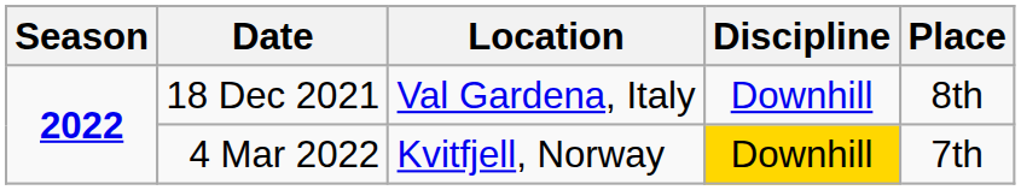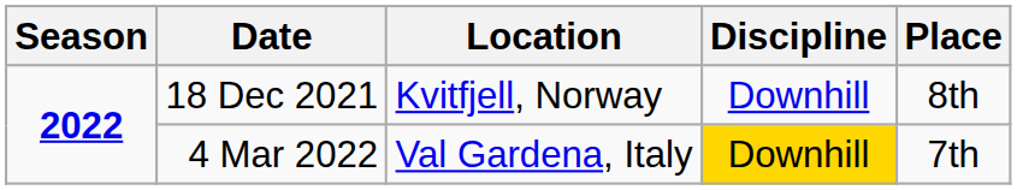 <table class="wikitable" style="text-align:center; font-size:95%;">
 <tr>
 <th>Season</th>
 <th>Date</th>
 <th>Location</th>
 <th>Discipline</th>
 <th>Place</th>
 </tr>
 <tr>
 <td rowspan="2"><strong><a href='#'>2022</a></strong></td>
 <td align="right">18 Dec 2021</td>
-<td align=left> <a href='#'>Val Gardena</a>, Italy</td>
+<td align=left> <a href='#'>Kvitfjell</a>, Norway</td>
 <td><a href='#'>Downhill</a></td>
 <td>8th</td>
 </tr>
 <tr>
 <td align="right">4 Mar 2022</td>
-<td align=left> <a href='#'>Kvitfjell</a>, Norway</td>
+<td align=left> <a href='#'>Val Gardena</a>, Italy</td>
 <td style="background: gold;">Downhill</td>
 <td>7th</td>
 </tr>
 </table>
